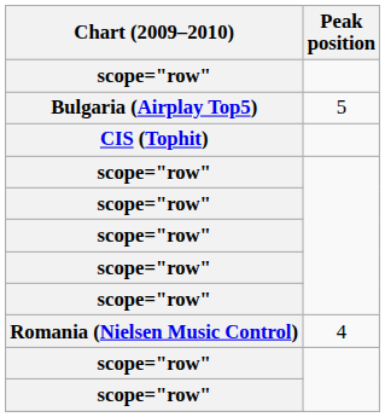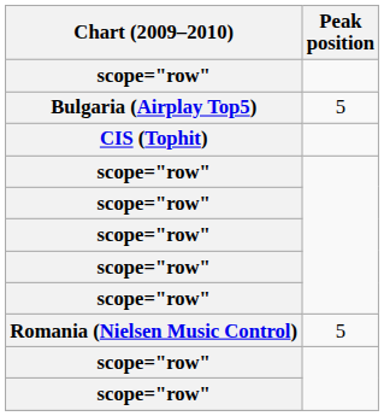 <table class="wikitable sortable plainrowheaders">
 <tr>
 <th align="center">Chart (2009–2010)</th>
 <th align="center">Peak<br>position</th>
 </tr>
 <tr>
 <th>scope="row"</th>
 </tr>
 <tr>
 <th scope="row">Bulgaria (<a href='#'>Airplay Top5</a>)</th>
 <td align="center">5</td>
 </tr>
 <tr>
 <th scope="row"><a href='#'>CIS</a> (<a href='#'>Tophit</a>)</th>
 <td></td>
 </tr>
 <tr>
 <th>scope="row"</th>
 </tr>
 <tr>
 <th>scope="row"</th>
 </tr>
 <tr>
 <th>scope="row"</th>
 </tr>
 <tr>
 <th>scope="row"</th>
 </tr>
 <tr>
 <th>scope="row"</th>
 </tr>
 <tr>
 <th scope="row">Romania (<a href='#'>Nielsen Music Control</a>)</th>
-<td align="center">4</td>
+<td align="center">5</td>
 </tr>
 <tr>
 <th>scope="row"</th>
 </tr>
 <tr>
 <th>scope="row"</th>
 </tr>
 <tr>
 </tr>
 </table>
